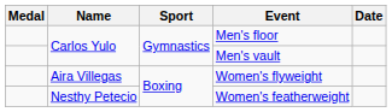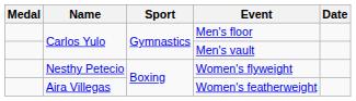 <table class="wikitable sortable" style="font-size: 95%;">
 <tr>
 <th>Medal</th>
 <th>Name</th>
 <th>Sport</th>
 <th>Event</th>
 <th>Date</th>
 </tr>
 <tr>
 <td></td>
 <td rowspan="2"><a href='#'>Carlos Yulo</a></td>
 <td rowspan="2"><a href='#'>Gymnastics</a></td>
 <td><a href='#'>Men's floor</a></td>
 <td></td>
 </tr>
 <tr>
 <td></td>
 <td><a href='#'>Men's vault</a></td>
 <td></td>
 </tr>
 <tr>
 <td></td>
-<td><a href='#'>Aira Villegas</a></td>
+<td><a href='#'>Nesthy Petecio</a></td>
 <td rowspan="2"><a href='#'>Boxing</a></td>
 <td><a href='#'>Women's flyweight</a></td>
 <td></td>
 </tr>
 <tr>
 <td></td>
-<td><a href='#'>Nesthy Petecio</a></td>
+<td><a href='#'>Aira Villegas</a></td>
 <td><a href='#'>Women's featherweight</a></td>
 <td></td>
 </tr>
 </table>
